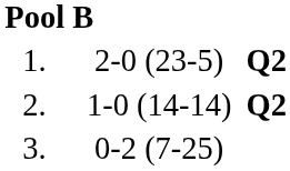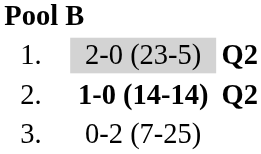 <table style="text-align:center">
 <tr>
 <td colspan=4 align=left><strong>Pool B</strong></td>
 </tr>
 <tr>
 <td width=30>1.</td>
 <td align=left></td>
-<td width=80>2-0 (23-5)</td>
+<td width=80 style="background: lightgrey;">2-0 (23-5)</td>
 <td><strong>Q2</strong></td>
 </tr>
 <tr>
 <td>2.</td>
 <td align=left></td>
-<td>1-0 (14-14)</td>
+<td><strong>1-0 (14-14)</strong></td>
 <td><strong>Q2</strong></td>
 </tr>
 <tr>
 <td>3.</td>
 <td align=left></td>
 <td>0-2 (7-25)</td>
 <td></td>
 </tr>
 </table>
